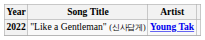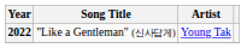 <table class="wikitable  plainrowheaders">
 <tr>
 <th scope="col">Year</th>
 <th scope="col">Song Title</th>
 <th scope="col">Artist</th>
 <th scope="col" class="unsortable"></th>
 </tr>
 <tr>
 <th scope="row">2022</th>
 <td>"Like a Gentleman" <small>(신사답게)</small></td>
-<td><strong><a href='#'>Young Tak</a></strong></td>
+<td><a href='#'>Young Tak</a></td>
 <td></td>
 </tr>
 <tr>
 </tr>
 </table>
